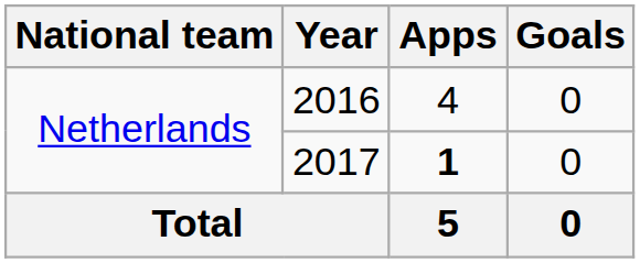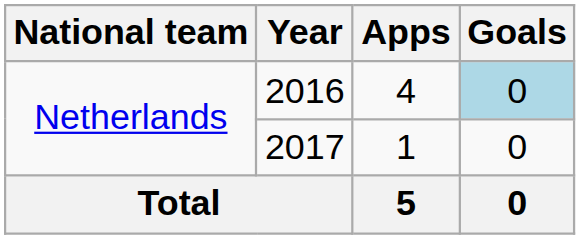 <table class="wikitable" style="text-align:center">
 <tr>
 <th>National team</th>
 <th>Year</th>
 <th>Apps</th>
 <th>Goals</th>
 </tr>
 <tr>
 <td rowspan="2"><a href='#'>Netherlands</a></td>
 <td>2016</td>
 <td>4</td>
-<td>0</td>
+<td style="background: lightblue;">0</td>
 </tr>
 <tr>
 <td>2017</td>
-<td><strong>1</strong></td>
+<td>1</td>
 <td>0</td>
 </tr>
 <tr>
 <th colspan="2">Total</th>
 <th>5</th>
 <th>0</th>
 </tr>
 </table>
